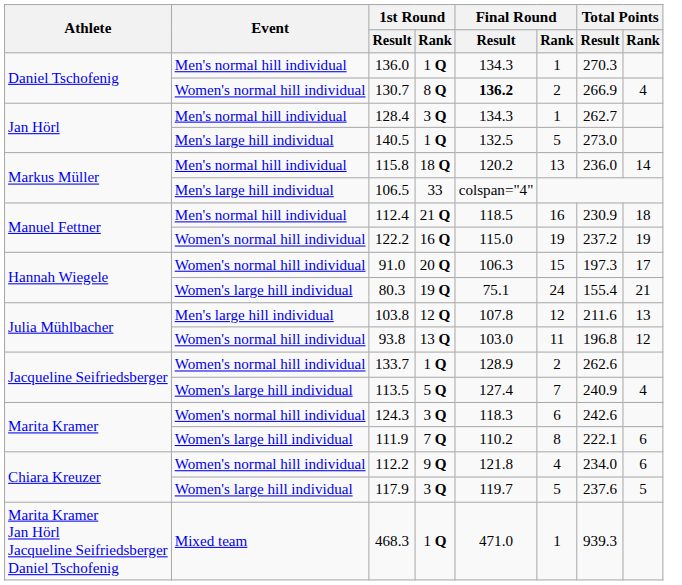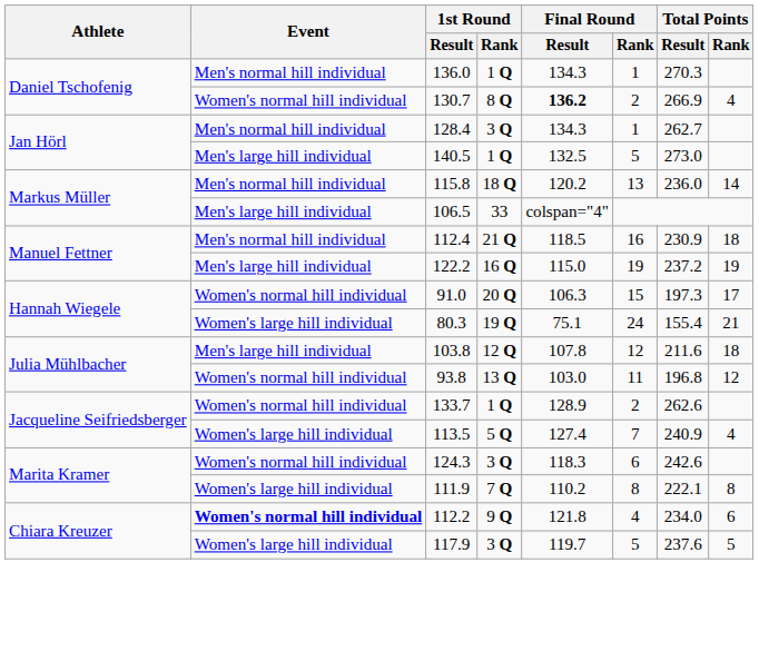 <table class="wikitable" style="text-align:center; font-size:90%">
 <tr>
 <th rowspan="2">Athlete</th>
 <th rowspan="2">Event</th>
 <th colspan="2">1st Round</th>
 <th colspan="2">Final Round</th>
 <th colspan="2">Total Points</th>
 </tr>
 <tr style="font-size:95%">
 <th>Result</th>
 <th>Rank</th>
 <th>Result</th>
 <th>Rank</th>
 <th>Result</th>
 <th>Rank</th>
 </tr>
 <tr>
 <td align="left" rowspan="2"><a href='#'>Daniel Tschofenig</a></td>
 <td align="left"><a href='#'>Men's normal hill individual</a></td>
 <td>136.0</td>
 <td>1 <strong>Q</strong></td>
 <td>134.3</td>
 <td>1</td>
 <td>270.3</td>
 <td></td>
 </tr>
 <tr>
 <td align="left"><a href='#'>Women's normal hill individual</a></td>
 <td>130.7</td>
 <td>8 <strong>Q</strong></td>
 <td><strong>136.2</strong></td>
 <td>2</td>
 <td>266.9</td>
 <td>4</td>
 </tr>
 <tr>
 <td align="left" rowspan="2"><a href='#'>Jan Hörl</a></td>
 <td align="left"><a href='#'>Men's normal hill individual</a></td>
 <td>128.4</td>
 <td>3 <strong>Q</strong></td>
 <td>134.3</td>
 <td>1</td>
 <td>262.7</td>
 <td></td>
 </tr>
 <tr>
 <td align="left"><a href='#'>Men's large hill individual</a></td>
 <td>140.5</td>
 <td>1 <strong>Q</strong></td>
 <td>132.5</td>
 <td>5</td>
 <td>273.0</td>
 <td></td>
 </tr>
 <tr>
 <td align="left" rowspan="2"><a href='#'>Markus Müller</a></td>
 <td align="left"><a href='#'>Men's normal hill individual</a></td>
 <td>115.8</td>
 <td>18 <strong>Q</strong></td>
 <td>120.2</td>
 <td>13</td>
 <td>236.0</td>
 <td>14</td>
 </tr>
 <tr>
 <td align="left"><a href='#'>Men's large hill individual</a></td>
 <td>106.5</td>
 <td>33</td>
 <td>colspan="4" </td>
 </tr>
 <tr>
 <td align="left" rowspan="2"><a href='#'>Manuel Fettner</a></td>
 <td align="left"><a href='#'>Men's normal hill individual</a></td>
 <td>112.4</td>
 <td>21 <strong>Q</strong></td>
 <td>118.5</td>
 <td>16</td>
 <td>230.9</td>
 <td>18</td>
 </tr>
 <tr>
-<td align="left"><a href='#'>Women's normal hill individual</a></td>
+<td align="left"><a href='#'>Men's large hill individual</a></td>
 <td>122.2</td>
 <td>16 <strong>Q</strong></td>
 <td>115.0</td>
 <td>19</td>
 <td>237.2</td>
 <td>19</td>
 </tr>
 <tr>
 <td align="left" rowspan="2"><a href='#'>Hannah Wiegele</a></td>
 <td align="left"><a href='#'>Women's normal hill individual</a></td>
 <td>91.0</td>
 <td>20 <strong>Q</strong></td>
 <td>106.3</td>
 <td>15</td>
 <td>197.3</td>
 <td>17</td>
 </tr>
 <tr>
 <td align="left"><a href='#'>Women's large hill individual</a></td>
 <td>80.3</td>
 <td>19 <strong>Q</strong></td>
 <td>75.1</td>
 <td>24</td>
 <td>155.4</td>
 <td>21</td>
 </tr>
 <tr>
 <td align="left" rowspan="2"><a href='#'>Julia Mühlbacher</a></td>
 <td align="left"><a href='#'>Men's large hill individual</a></td>
 <td>103.8</td>
 <td>12 <strong>Q</strong></td>
 <td>107.8</td>
 <td>12</td>
 <td>211.6</td>
-<td>13</td>
+<td>18</td>
 </tr>
 <tr>
 <td align="left"><a href='#'>Women's normal hill individual</a></td>
 <td>93.8</td>
 <td>13 <strong>Q</strong></td>
 <td>103.0</td>
 <td>11</td>
 <td>196.8</td>
 <td>12</td>
 </tr>
 <tr>
 <td align="left" rowspan="2"><a href='#'>Jacqueline Seifriedsberger</a></td>
 <td align="left"><a href='#'>Women's normal hill individual</a></td>
 <td>133.7</td>
 <td>1 <strong>Q</strong></td>
 <td>128.9</td>
 <td>2</td>
 <td>262.6</td>
 <td></td>
 </tr>
 <tr>
 <td align="left"><a href='#'>Women's large hill individual</a></td>
 <td>113.5</td>
 <td>5 <strong>Q</strong></td>
 <td>127.4</td>
 <td>7</td>
 <td>240.9</td>
 <td>4</td>
 </tr>
 <tr>
 <td align="left" rowspan="2"><a href='#'>Marita Kramer</a></td>
 <td align="left"><a href='#'>Women's normal hill individual</a></td>
 <td>124.3</td>
 <td>3 <strong>Q</strong></td>
 <td>118.3</td>
 <td>6</td>
 <td>242.6</td>
 <td></td>
 </tr>
 <tr>
 <td align="left"><a href='#'>Women's large hill individual</a></td>
 <td>111.9</td>
 <td>7 <strong>Q</strong></td>
 <td>110.2</td>
 <td>8</td>
 <td>222.1</td>
-<td>6</td>
+<td>8</td>
 </tr>
 <tr>
 <td align="left" rowspan="2"><a href='#'>Chiara Kreuzer</a></td>
-<td align="left"><a href='#'>Women's normal hill individual</a></td>
+<td align="left"><strong><a href='#'>Women's normal hill individual</a></strong></td>
 <td>112.2</td>
 <td>9 <strong>Q</strong></td>
 <td>121.8</td>
 <td>4</td>
 <td>234.0</td>
 <td>6</td>
 </tr>
 <tr>
 <td align="left"><a href='#'>Women's large hill individual</a></td>
 <td>117.9</td>
 <td>3 <strong>Q</strong></td>
 <td>119.7</td>
 <td>5</td>
 <td>237.6</td>
 <td>5</td>
 </tr>
-<tr>
-<td align="left"><a href='#'>Marita Kramer</a><br><a href='#'>Jan Hörl</a><br><a href='#'>Jacqueline Seifriedsberger</a><br><a href='#'>Daniel Tschofenig</a></td>
-<td align="left"><a href='#'>Mixed team</a></td>
-<td>468.3</td>
-<td>1 <strong>Q</strong></td>
-<td>471.0</td>
-<td>1</td>
-<td>939.3</td>
-<td></td>
-</tr>
 </table>
